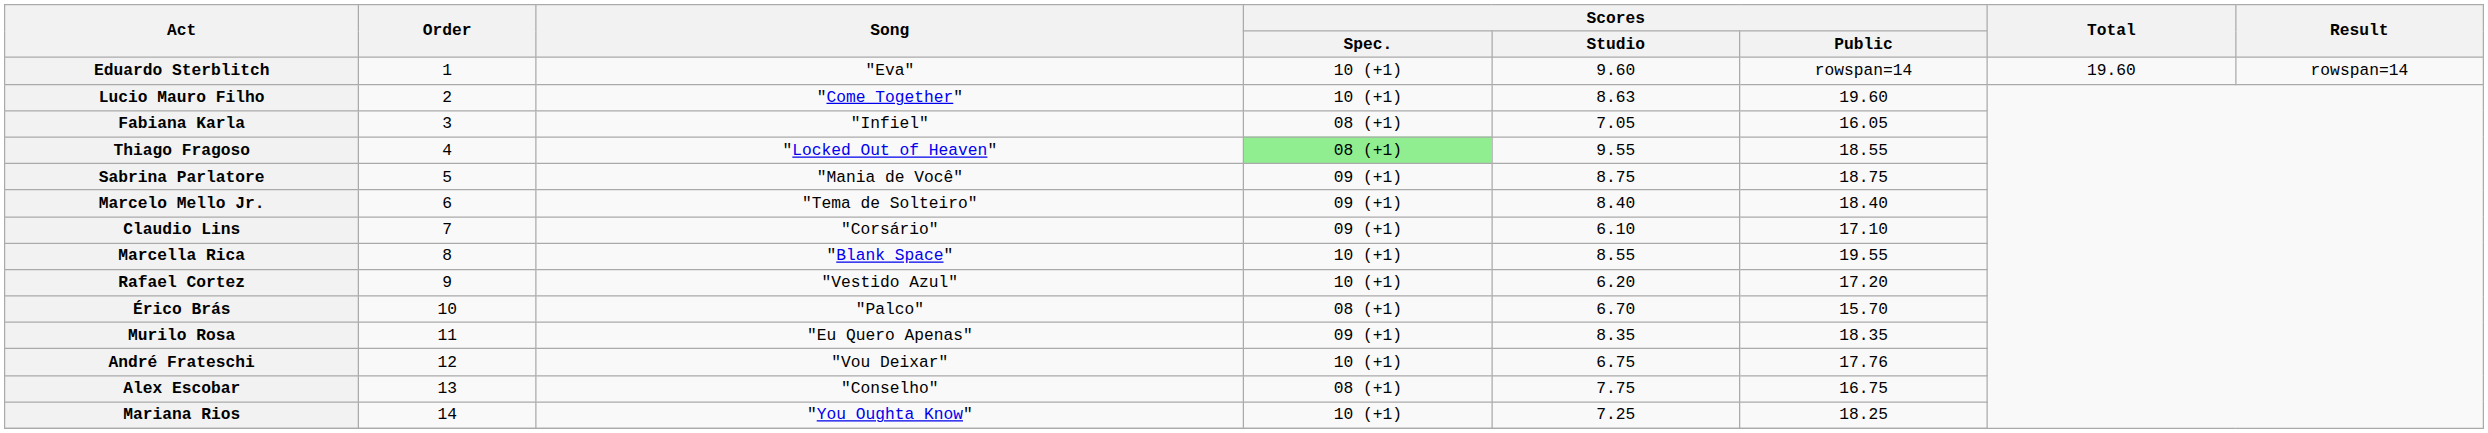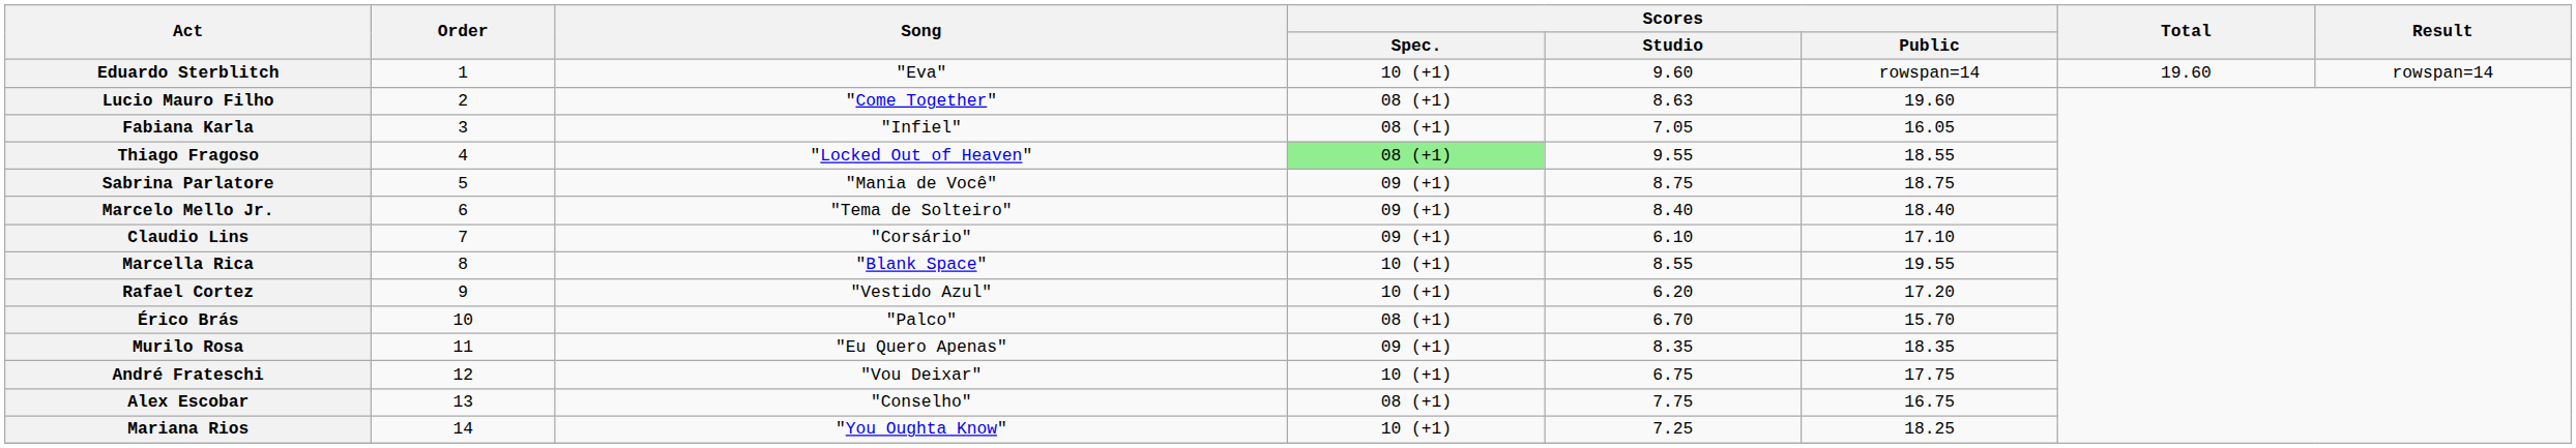 <table class="wikitable plainrowheaders" style="text-align:center; width:100%;">
 <tr>
 <th scope="col" rowspan=2 width="10.0%">Act</th>
 <th scope="col" rowspan=2 width="05.0%">Order</th>
 <th scope="col" rowspan=2 width="20.0%">Song</th>
 <th scope="col" colspan=3 width="20.0%">Scores</th>
 <th scope="col" rowspan=2 width="07.0%">Total</th>
 <th scope="col" rowspan=2 width="07.0%">Result</th>
 </tr>
 <tr>
 <th scope="col" width="07.0%">Spec.</th>
 <th scope="col" width="07.0%">Studio</th>
 <th scope="col" width="07.0%">Public</th>
 </tr>
 <tr>
 <th scope="row">Eduardo Sterblitch</th>
 <td>1</td>
 <td>"Eva"</td>
 <td>10 (+1)</td>
 <td>9.60</td>
 <td>rowspan=14 </td>
 <td>19.60</td>
 <td>rowspan=14 </td>
 </tr>
 <tr>
 <th scope="row">Lucio Mauro Filho</th>
 <td>2</td>
 <td>"<a href='#'>Come Together</a>"</td>
-<td>10 (+1)</td>
+<td>08 (+1)</td>
 <td>8.63</td>
 <td>19.60</td>
 </tr>
 <tr>
 <th scope="row">Fabiana Karla</th>
 <td>3</td>
 <td>"Infiel"</td>
 <td>08 (+1)</td>
 <td>7.05</td>
 <td>16.05</td>
 </tr>
 <tr>
 <th scope="row">Thiago Fragoso</th>
 <td>4</td>
 <td>"<a href='#'>Locked Out of Heaven</a>"</td>
 <td style="background: lightgreen;">08 (+1)</td>
 <td>9.55</td>
 <td>18.55</td>
 </tr>
 <tr>
 <th scope="row">Sabrina Parlatore</th>
 <td>5</td>
 <td>"Mania de Você"</td>
 <td>09 (+1)</td>
 <td>8.75</td>
 <td>18.75</td>
 </tr>
 <tr>
 <th scope="row">Marcelo Mello Jr.</th>
 <td>6</td>
 <td>"Tema de Solteiro"</td>
 <td>09 (+1)</td>
 <td>8.40</td>
 <td>18.40</td>
 </tr>
 <tr>
 <th scope="row">Claudio Lins</th>
 <td>7</td>
 <td>"Corsário"</td>
 <td>09 (+1)</td>
 <td>6.10</td>
 <td>17.10</td>
 </tr>
 <tr>
 <th scope="row">Marcella Rica</th>
 <td>8</td>
 <td>"<a href='#'>Blank Space</a>"</td>
 <td>10 (+1)</td>
 <td>8.55</td>
 <td>19.55</td>
 </tr>
 <tr>
 <th scope="row">Rafael Cortez</th>
 <td>9</td>
 <td>"Vestido Azul"</td>
 <td>10 (+1)</td>
 <td>6.20</td>
 <td>17.20</td>
 </tr>
 <tr>
 <th scope="row">Érico Brás</th>
 <td>10</td>
 <td>"Palco"</td>
 <td>08 (+1)</td>
 <td>6.70</td>
 <td>15.70</td>
 </tr>
 <tr>
 <th scope="row">Murilo Rosa</th>
 <td>11</td>
 <td>"Eu Quero Apenas"</td>
 <td>09 (+1)</td>
 <td>8.35</td>
 <td>18.35</td>
 </tr>
 <tr>
 <th scope="row">André Frateschi</th>
 <td>12</td>
 <td>"Vou Deixar"</td>
 <td>10 (+1)</td>
 <td>6.75</td>
-<td>17.76</td>
+<td>17.75</td>
 </tr>
 <tr>
 <th scope="row">Alex Escobar</th>
 <td>13</td>
 <td>"Conselho"</td>
 <td>08 (+1)</td>
 <td>7.75</td>
 <td>16.75</td>
 </tr>
 <tr>
 <th scope="row">Mariana Rios</th>
 <td>14</td>
 <td>"<a href='#'>You Oughta Know</a>"</td>
 <td>10 (+1)</td>
 <td>7.25</td>
 <td>18.25</td>
 </tr>
 <tr>
 </tr>
 </table>
